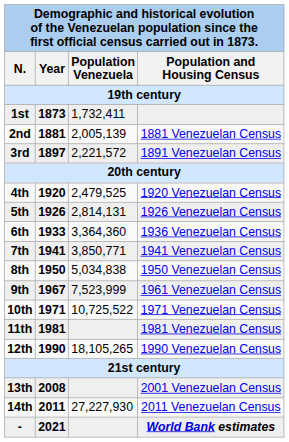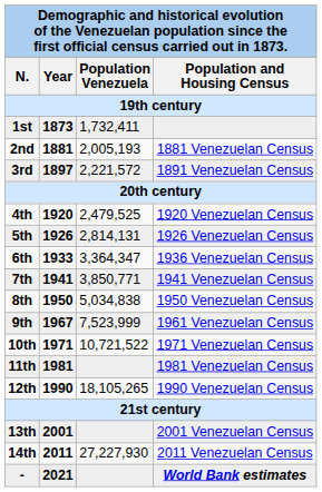 <table class="wikitable">
 <tr>
 <th colspan= "4" style="text-align:center; background:#abcdef;">Demographic and historical evolution <br>of the Venezuelan population since the <br> first official census carried out in 1873.</th>
 </tr>
 <tr>
 <th>N.</th>
 <th>Year</th>
 <th>Population<br>Venezuela</th>
 <th>Population and <br> Housing Census</th>
 </tr>
 <tr align="center">
 <td colspan="4" style="background:#D0E7FF"><strong>19th century</strong></td>
 </tr>
 <tr align="center" style="background:#efefef; color:black">
 <td><strong>1st</strong></td>
 <td><strong>1873</strong></td>
 <td align="left"> 1,732,411</td>
 <td></td>
 </tr>
 <tr align="center">
 <td><strong>2nd</strong></td>
 <td><strong>1881</strong></td>
-<td align="left"> 2,005,139</td>
+<td align="left"> 2,005,193</td>
 <td><a href='#'>1881 Venezuelan Census</a></td>
 </tr>
 <tr align="center" style="background:#efefef; color:black">
 <td><strong>3rd</strong></td>
 <td><strong>1897</strong></td>
 <td align="left"> 2,221,572</td>
 <td><a href='#'>1891 Venezuelan Census</a></td>
 </tr>
 <tr align="center">
 <td colspan="4" style="background:#D0E7FF"><strong>20th century</strong></td>
 </tr>
 <tr align="center">
 <td><strong>4th</strong></td>
 <td><strong>1920</strong></td>
 <td align="left"> 2,479,525</td>
 <td><a href='#'>1920 Venezuelan Census</a></td>
 </tr>
 <tr align="center" style="background:#efefef; color:black">
 <td><strong>5th</strong></td>
 <td><strong>1926</strong></td>
 <td align="left"> 2,814,131</td>
 <td><a href='#'>1926 Venezuelan Census</a></td>
 </tr>
 <tr align="center">
 <td><strong>6th</strong></td>
 <td><strong>1933</strong></td>
-<td align="left"> 3,364,360</td>
+<td align="left"> 3,364,347</td>
 <td><a href='#'>1936 Venezuelan Census</a></td>
 </tr>
 <tr align="center" style="background:#efefef; color:black">
 <td><strong>7th</strong></td>
 <td><strong>1941</strong></td>
 <td align="left"> 3,850,771</td>
 <td><a href='#'>1941 Venezuelan Census</a></td>
 </tr>
 <tr align="center">
 <td><strong>8th</strong></td>
 <td><strong>1950</strong></td>
 <td align="left"> 5,034,838</td>
 <td><a href='#'>1950 Venezuelan Census</a></td>
 </tr>
 <tr align="center" style="background:#efefef; color:black">
 <td><strong>9th</strong></td>
 <td><strong>1967</strong></td>
 <td align="left"> 7,523,999</td>
 <td><a href='#'>1961 Venezuelan Census</a></td>
 </tr>
 <tr align="center">
 <td><strong>10th</strong></td>
 <td><strong>1971</strong></td>
-<td align="left"> 10,725,522</td>
+<td align="left"> 10,721,522</td>
 <td><a href='#'>1971 Venezuelan Census</a></td>
 </tr>
 <tr align="center" style="background:#efefef; color:black">
 <td><strong>11th</strong></td>
 <td><strong>1981</strong></td>
 <td align="left"></td>
 <td><a href='#'>1981 Venezuelan Census</a></td>
 </tr>
 <tr align="center">
 <td><strong>12th</strong></td>
 <td><strong>1990</strong></td>
 <td align="left"> 18,105,265</td>
 <td><a href='#'>1990 Venezuelan Census</a></td>
 </tr>
 <tr align="center">
 <td colspan="4" style="background:#D0E7FF"><strong>21st century</strong></td>
 </tr>
 <tr align="center" style="background:#efefef; color:black">
 <td><strong>13th</strong></td>
-<td><strong>2008</strong></td>
+<td><strong>2001</strong></td>
 <td align="left"></td>
 <td><a href='#'>2001 Venezuelan Census</a></td>
 </tr>
 <tr align="center">
 <td><strong>14th</strong></td>
 <td><strong>2011</strong></td>
 <td align="left"> 27,227,930</td>
 <td><a href='#'>2011 Venezuelan Census</a></td>
 </tr>
 <tr align="center" style="background:#efefef; color:black">
 <td><strong>-</strong></td>
 <td><strong>2021</strong></td>
 <td align="left"></td>
 <td><strong><em><a href='#'>World Bank</a> estimates</em></strong></td>
 </tr>
 </table>
